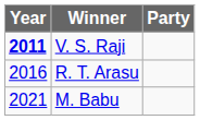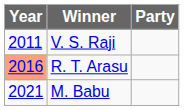 <table class="wikitable">
 <tr>
 <th style="background-color:#666666; color:white">Year</th>
 <th style="background-color:#666666; color:white">Winner</th>
 <th style="background-color:#666666; color:white" colspan="2">Party</th>
 </tr>
 <tr>
-<td><strong><a href='#'>2011</a></strong></td>
+<td><a href='#'>2011</a></td>
 <td><a href='#'>V. S. Raji</a></td>
 <td></td>
 </tr>
 <tr>
-<td><a href='#'>2016</a></td>
+<td style="background: lightsalmon;"><a href='#'>2016</a></td>
 <td><a href='#'>R. T. Arasu</a></td>
 <td></td>
 </tr>
 <tr>
 <td><a href='#'>2021</a></td>
 <td><a href='#'>M. Babu</a></td>
 <td></td>
 </tr>
 </table>
